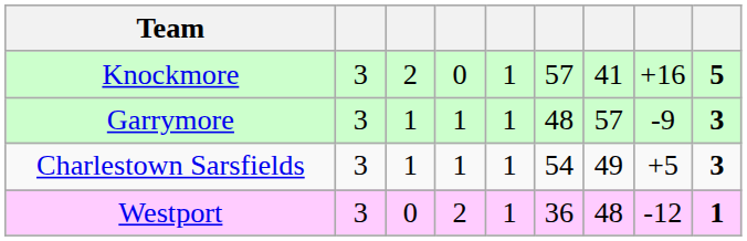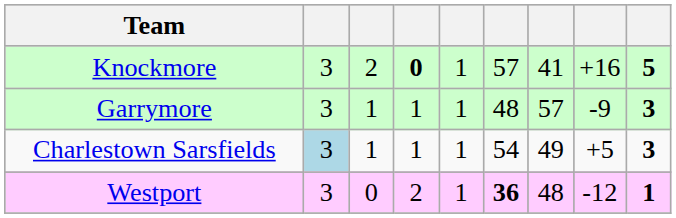 <table class="wikitable" style="text-align:center">
 <tr>
 <th style="width:175px;">Team</th>
 <th width="20"></th>
 <th width="20"></th>
 <th width="20"></th>
 <th width="20"></th>
 <th width="20"></th>
 <th width="20"></th>
 <th width="20"></th>
 <th width="20"></th>
 </tr>
 <tr style="background:#cfc;">
 <td><a href='#'>Knockmore</a></td>
 <td>3</td>
 <td>2</td>
-<td>0</td>
+<td><strong>0</strong></td>
 <td>1</td>
 <td>57</td>
 <td>41</td>
 <td>+16</td>
 <td><strong>5</strong></td>
 </tr>
 <tr style="background:#cfc;">
 <td><a href='#'>Garrymore</a></td>
 <td>3</td>
 <td>1</td>
 <td>1</td>
 <td>1</td>
 <td>48</td>
 <td>57</td>
 <td>-9</td>
 <td><strong>3</strong></td>
 </tr>
 <tr>
 <td><a href='#'>Charlestown Sarsfields</a></td>
-<td>3</td>
+<td style="background: lightblue;">3</td>
 <td>1</td>
 <td>1</td>
 <td>1</td>
 <td>54</td>
 <td>49</td>
 <td>+5</td>
 <td><strong>3</strong></td>
 </tr>
 <tr style="background:#fcf;">
 <td><a href='#'>Westport</a></td>
 <td>3</td>
 <td>0</td>
 <td>2</td>
 <td>1</td>
-<td>36</td>
+<td><strong>36</strong></td>
 <td>48</td>
 <td>-12</td>
 <td><strong>1</strong></td>
 </tr>
 </table>
